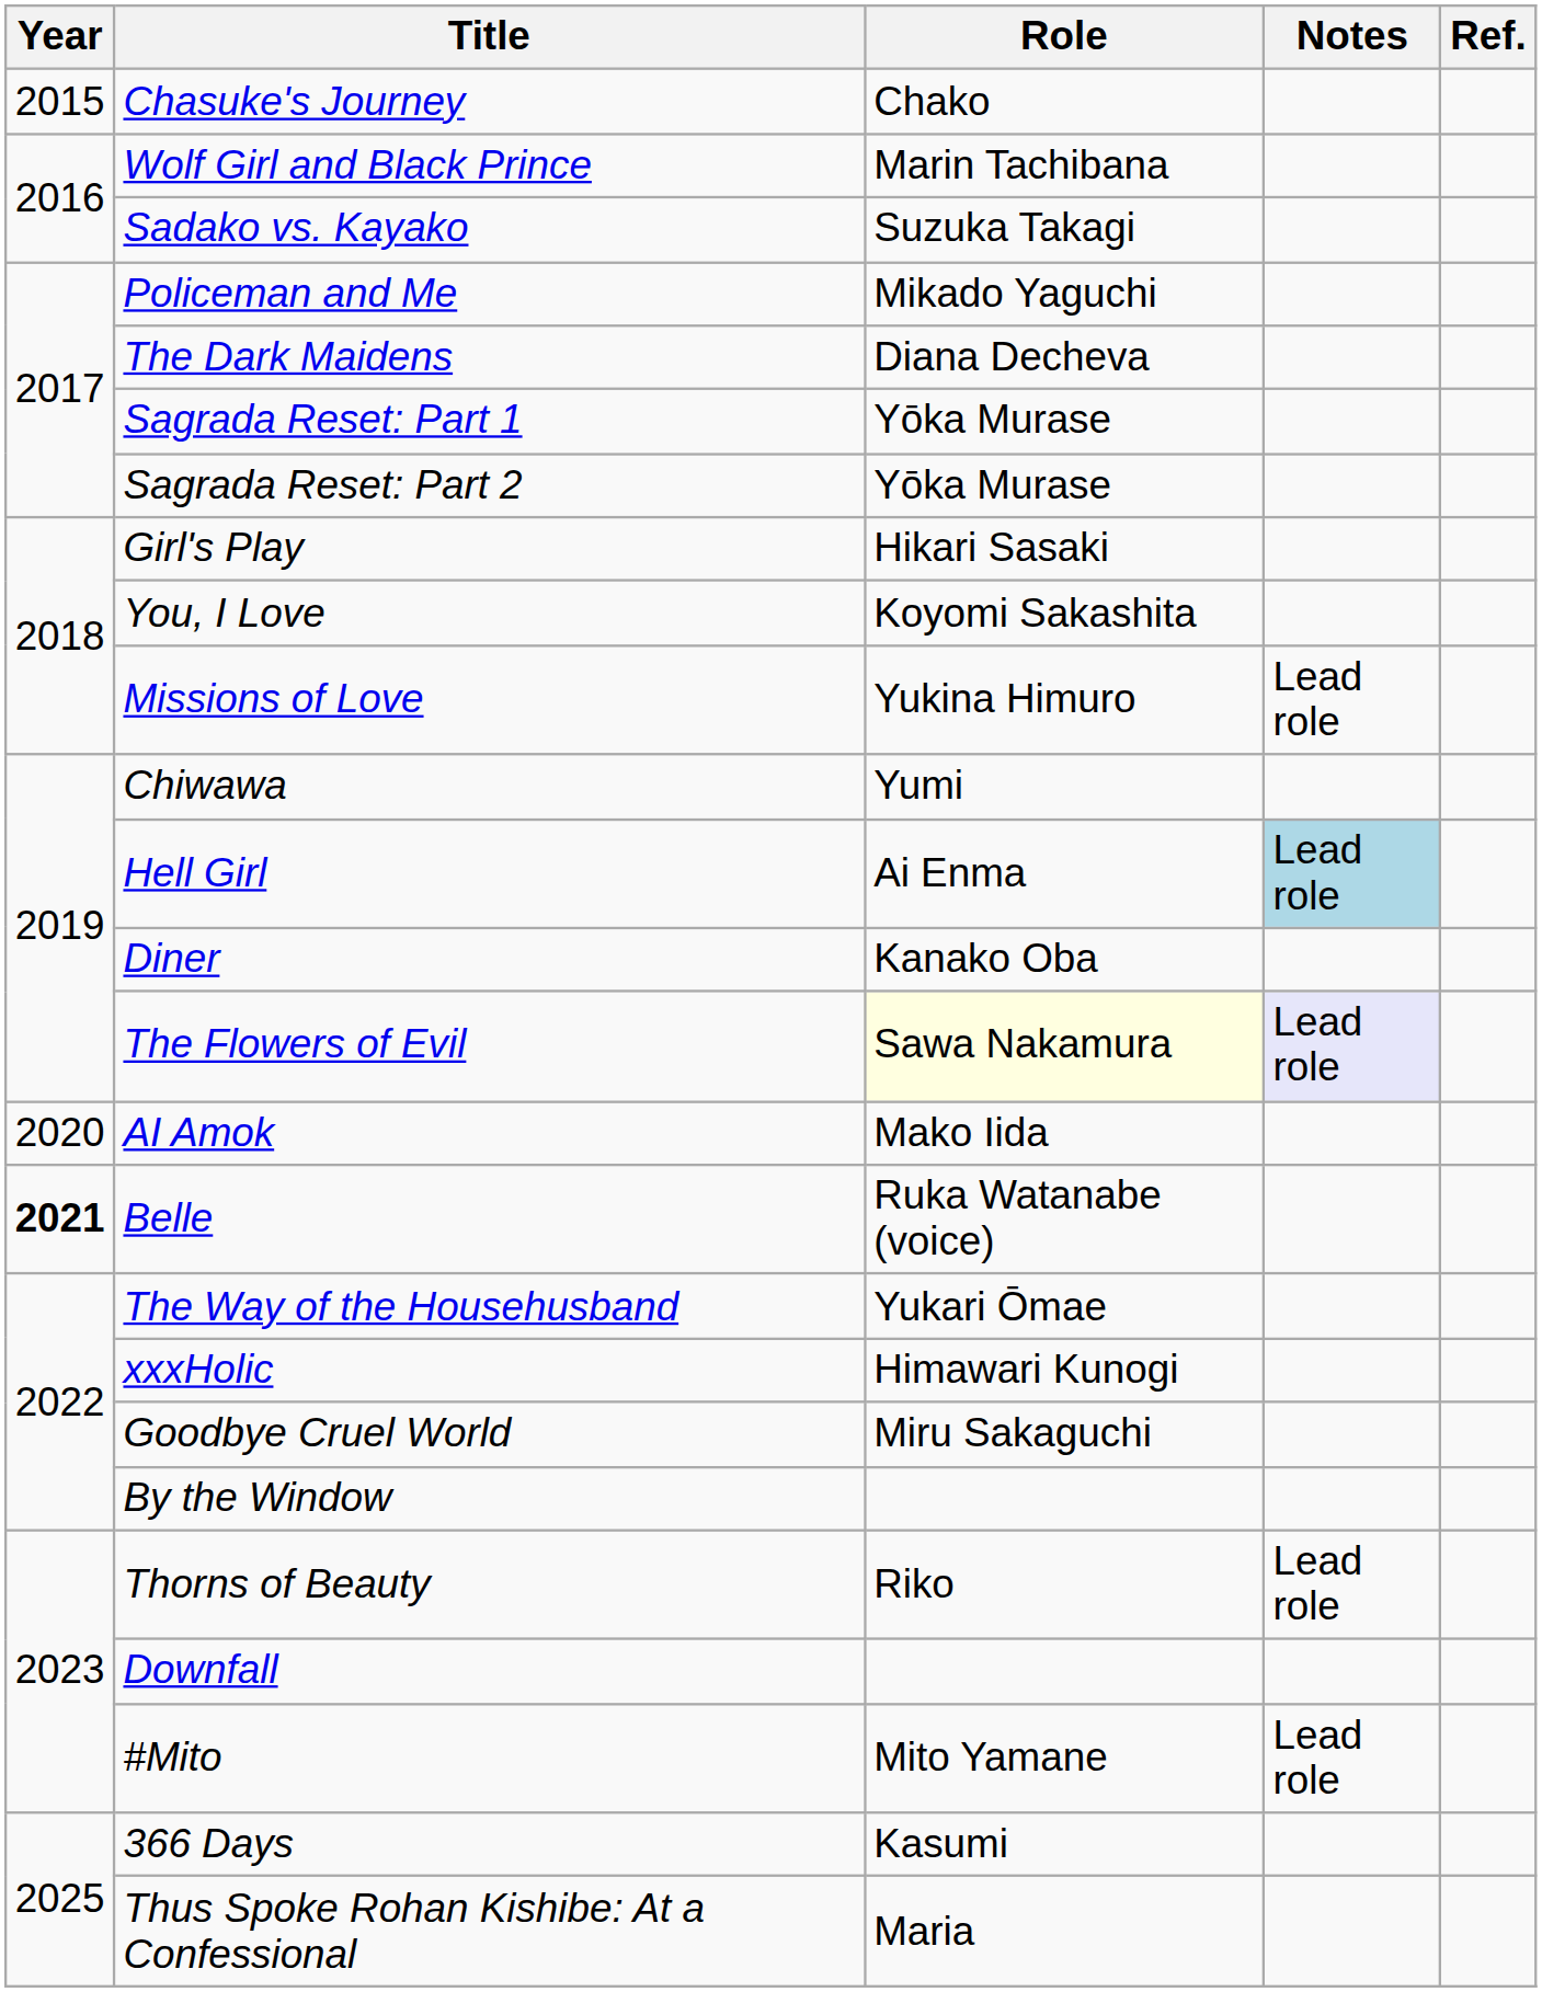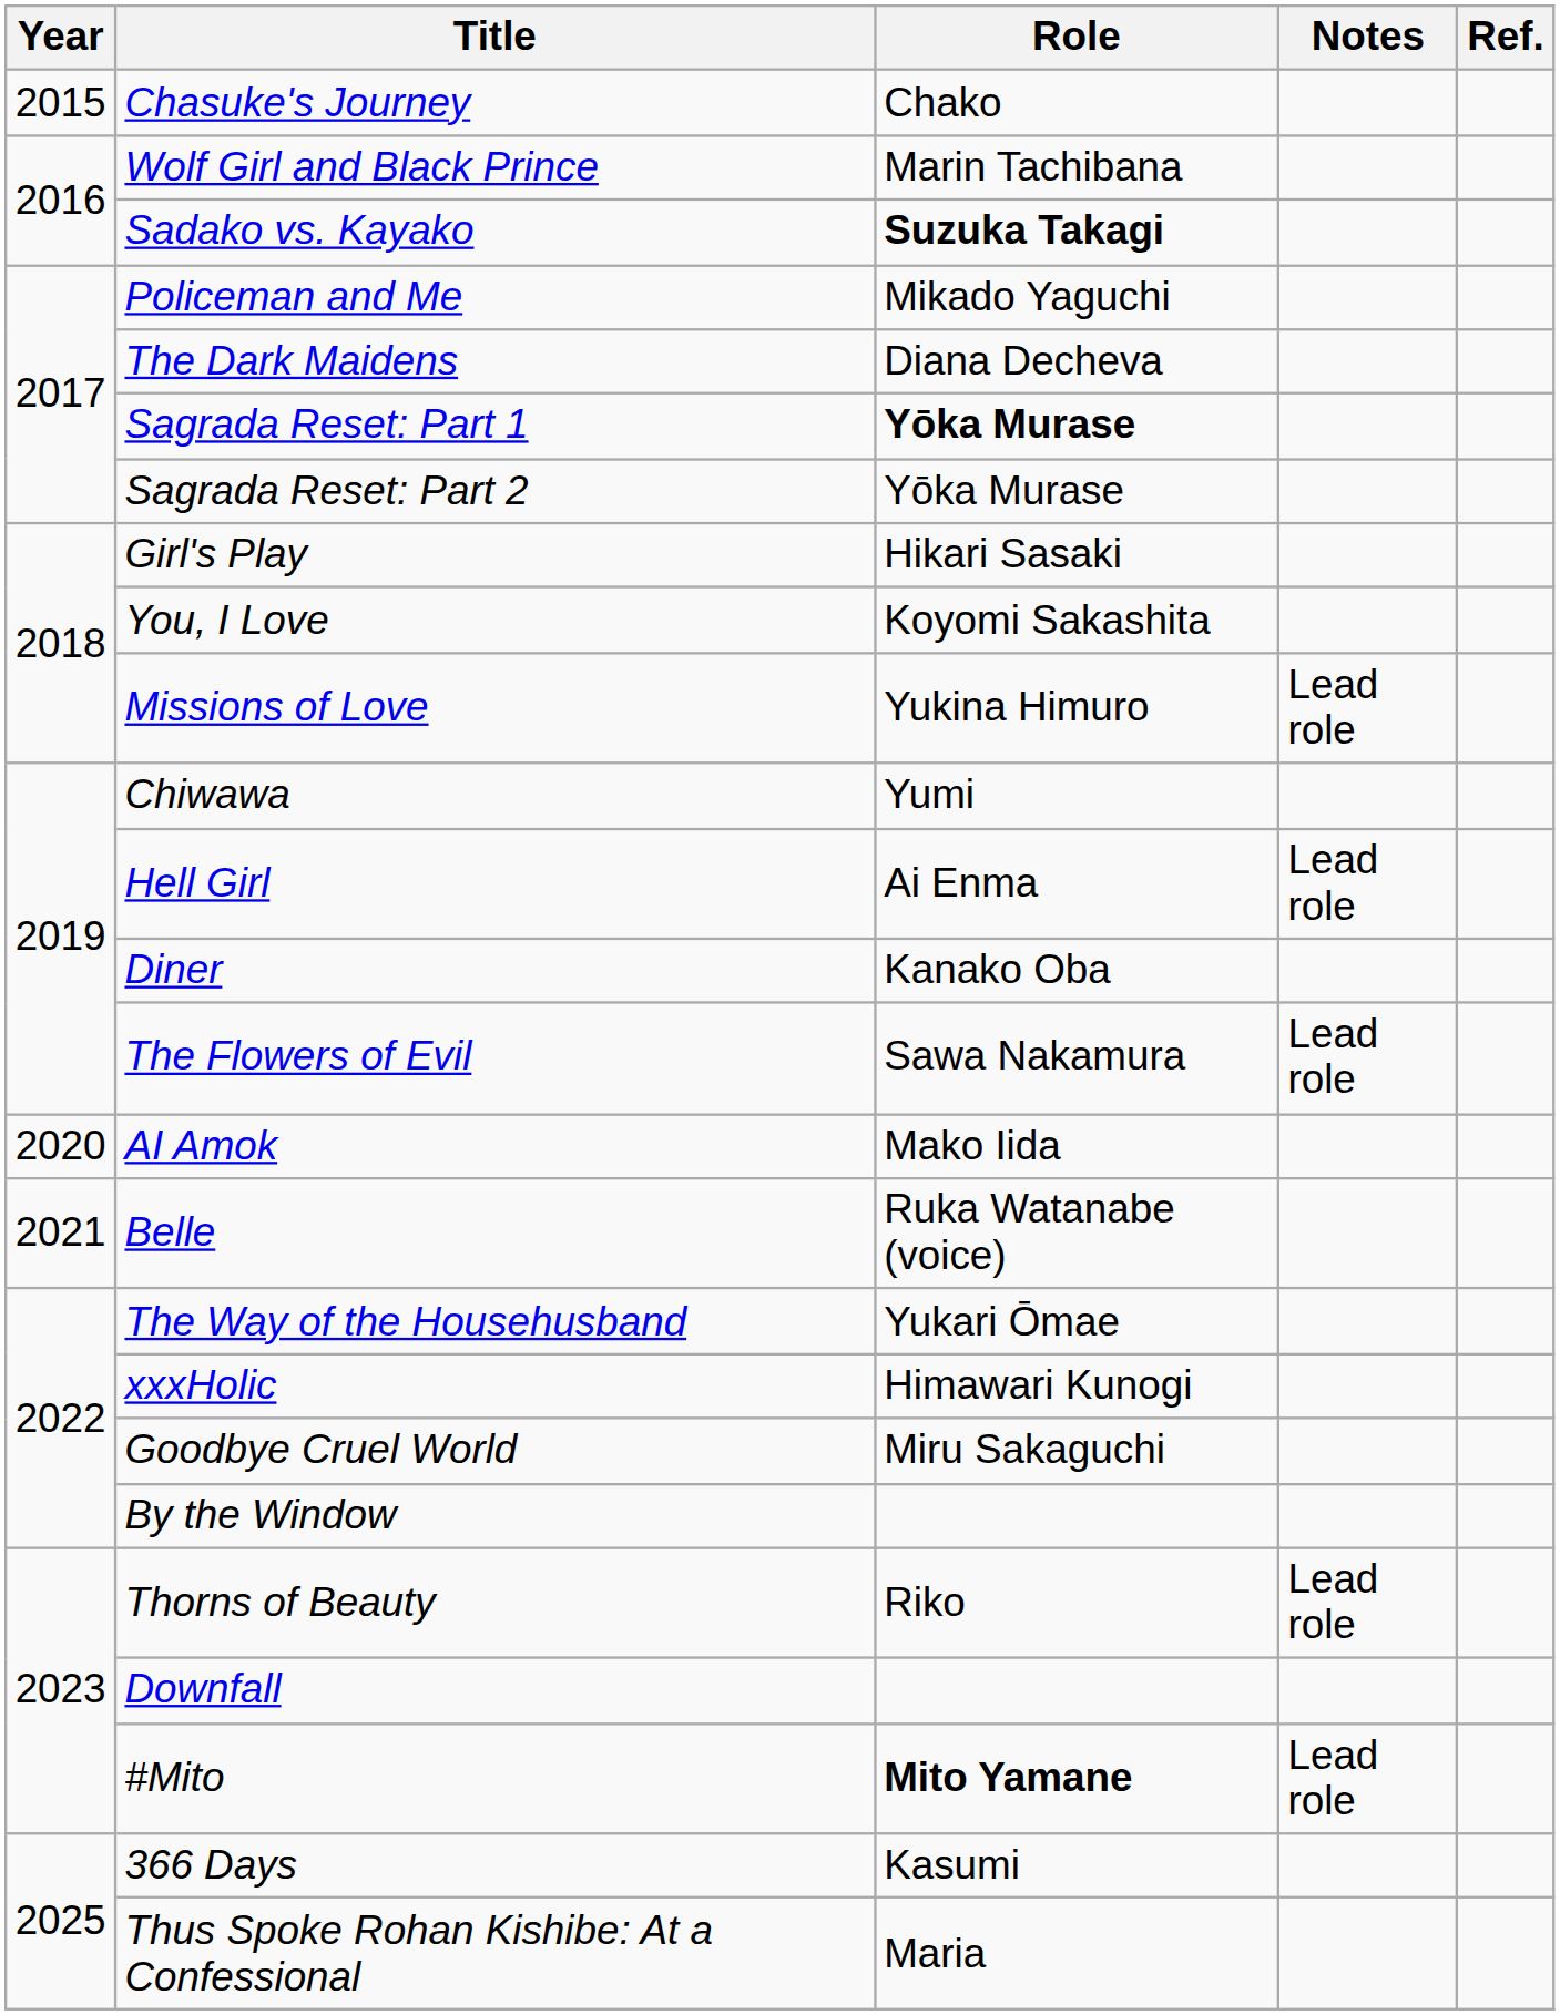 <table class="wikitable sortable">
 <tr>
 <th>Year</th>
 <th>Title</th>
 <th>Role</th>
 <th class="unsortable">Notes</th>
 <th class="unsortable">Ref.</th>
 </tr>
 <tr>
 <td>2015</td>
 <td><em><a href='#'>Chasuke's Journey</a></em></td>
 <td>Chako</td>
 <td></td>
 <td></td>
 </tr>
 <tr>
 <td rowspan="2">2016</td>
 <td><em><a href='#'>Wolf Girl and Black Prince</a></em></td>
 <td>Marin Tachibana</td>
 <td></td>
 <td></td>
 </tr>
 <tr>
 <td><em><a href='#'>Sadako vs. Kayako</a></em></td>
-<td>Suzuka Takagi</td>
+<td><strong>Suzuka Takagi</strong></td>
 <td></td>
 <td></td>
 </tr>
 <tr>
 <td rowspan="4">2017</td>
 <td><em><a href='#'>Policeman and Me</a></em></td>
 <td>Mikado Yaguchi</td>
 <td></td>
 <td></td>
 </tr>
 <tr>
 <td><em><a href='#'>The Dark Maidens</a></em></td>
 <td>Diana Decheva</td>
 <td></td>
 <td></td>
 </tr>
 <tr>
 <td><em><a href='#'>Sagrada Reset: Part 1</a></em></td>
-<td>Yōka Murase</td>
+<td><strong>Yōka Murase</strong></td>
 <td></td>
 <td></td>
 </tr>
 <tr>
 <td><em>Sagrada Reset: Part 2</em></td>
 <td>Yōka Murase</td>
 <td></td>
 <td></td>
 </tr>
 <tr>
 <td rowspan="3">2018</td>
 <td><em>Girl's Play</em></td>
 <td>Hikari Sasaki</td>
 <td></td>
 <td></td>
 </tr>
 <tr>
 <td><em>You, I Love</em></td>
 <td>Koyomi Sakashita</td>
 <td></td>
 <td></td>
 </tr>
 <tr>
 <td><em><a href='#'>Missions of Love</a></em></td>
 <td>Yukina Himuro</td>
 <td>Lead role</td>
 <td></td>
 </tr>
 <tr>
 <td rowspan="4">2019</td>
 <td><em>Chiwawa</em></td>
 <td>Yumi</td>
 <td></td>
 <td></td>
 </tr>
 <tr>
 <td><em><a href='#'>Hell Girl</a></em></td>
 <td>Ai Enma</td>
-<td style="background: lightblue;">Lead role</td>
+<td>Lead role</td>
 <td></td>
 </tr>
 <tr>
 <td><em><a href='#'>Diner</a></em></td>
 <td>Kanako Oba</td>
 <td></td>
 <td></td>
 </tr>
 <tr>
 <td><em><a href='#'>The Flowers of Evil</a></em></td>
-<td style="background: lightyellow;">Sawa Nakamura</td>
-<td style="background: lavender;">Lead role</td>
+<td>Sawa Nakamura</td>
+<td>Lead role</td>
 <td></td>
 </tr>
 <tr>
 <td>2020</td>
 <td><em><a href='#'>AI Amok</a></em></td>
 <td>Mako Iida</td>
 <td></td>
 <td></td>
 </tr>
 <tr>
-<td><strong>2021</strong></td>
+<td>2021</td>
 <td><em><a href='#'>Belle</a></em></td>
 <td>Ruka Watanabe (voice)</td>
 <td></td>
 <td></td>
 </tr>
 <tr>
 <td rowspan="4">2022</td>
 <td><em><a href='#'>The Way of the Househusband</a></em></td>
 <td>Yukari Ōmae</td>
 <td></td>
 <td></td>
 </tr>
 <tr>
 <td><em><a href='#'>xxxHolic</a></em></td>
 <td>Himawari Kunogi</td>
 <td></td>
 <td></td>
 </tr>
 <tr>
 <td><em>Goodbye Cruel World</em></td>
 <td>Miru Sakaguchi</td>
 <td></td>
 <td></td>
 </tr>
 <tr>
 <td><em>By the Window</em></td>
 <td></td>
 <td></td>
 <td></td>
 </tr>
 <tr>
 <td rowspan=3>2023</td>
 <td><em>Thorns of Beauty</em></td>
 <td>Riko</td>
 <td>Lead role</td>
 <td></td>
 </tr>
 <tr>
 <td><em><a href='#'>Downfall</a></em></td>
 <td></td>
 <td></td>
 <td></td>
 </tr>
 <tr>
 <td><em>#Mito</em></td>
-<td>Mito Yamane</td>
+<td><strong>Mito Yamane</strong></td>
 <td>Lead role</td>
 <td></td>
 </tr>
 <tr>
 <td rowspan=2>2025</td>
 <td><em>366 Days</em></td>
 <td>Kasumi</td>
 <td></td>
 <td></td>
 </tr>
 <tr>
 <td><em>Thus Spoke Rohan Kishibe: At a Confessional</em></td>
 <td>Maria</td>
 <td></td>
 <td></td>
 </tr>
 <tr>
 </tr>
 </table>
